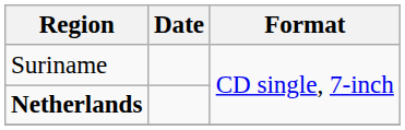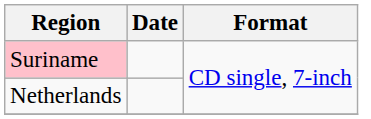 <table class="wikitable">
 <tr>
 <th>Region</th>
 <th>Date</th>
 <th>Format</th>
 </tr>
 <tr>
-<td>Suriname</td>
+<td style="background: pink;">Suriname</td>
 <td></td>
 <td rowspan="2"><a href='#'>CD single</a>, <a href='#'>7-inch</a></td>
 </tr>
 <tr>
-<td><strong>Netherlands</strong></td>
+<td>Netherlands</td>
 <td></td>
 </tr>
 <tr>
 </tr>
 </table>
